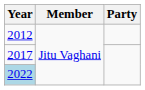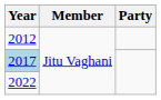 <table class="wikitable sortable">
 <tr>
 <th>Year</th>
 <th>Member</th>
 <th colspan=2>Party</th>
 </tr>
 <tr>
 <td><a href='#'>2012</a></td>
 <td rowspan="3"><a href='#'>Jitu Vaghani</a></td>
 <td></td>
 </tr>
 <tr>
-<td><a href='#'>2017</a></td>
+<td style="background: lightblue;"><a href='#'>2017</a></td>
 </tr>
 <tr>
-<td style="background: lightblue;"><a href='#'>2022</a></td>
+<td><a href='#'>2022</a></td>
 </tr>
 </table>
